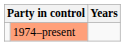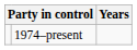 <table class="wikitable">
 <tr>
 <th colspan="2">Party in control</th>
 <th>Years</th>
 </tr>
 <tr>
 <td></td>
-<td style="background: lightsalmon;">1974–present</td>
+<td>1974–present</td>
 </tr>
 </table>
